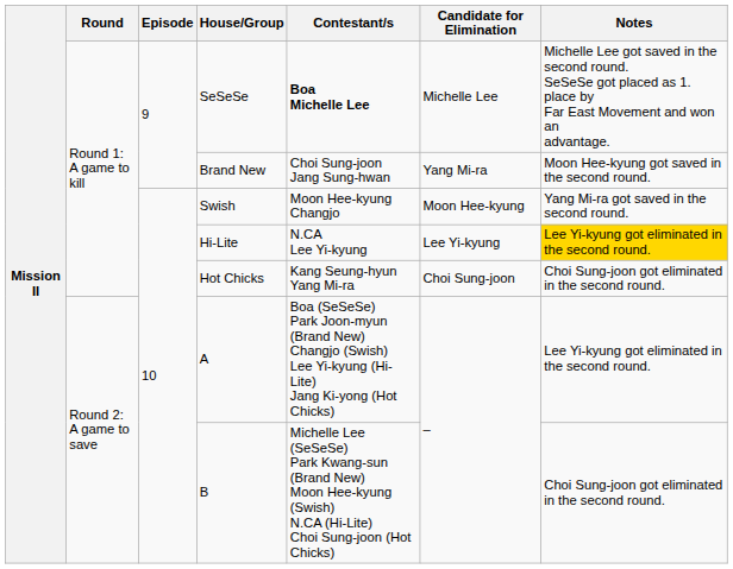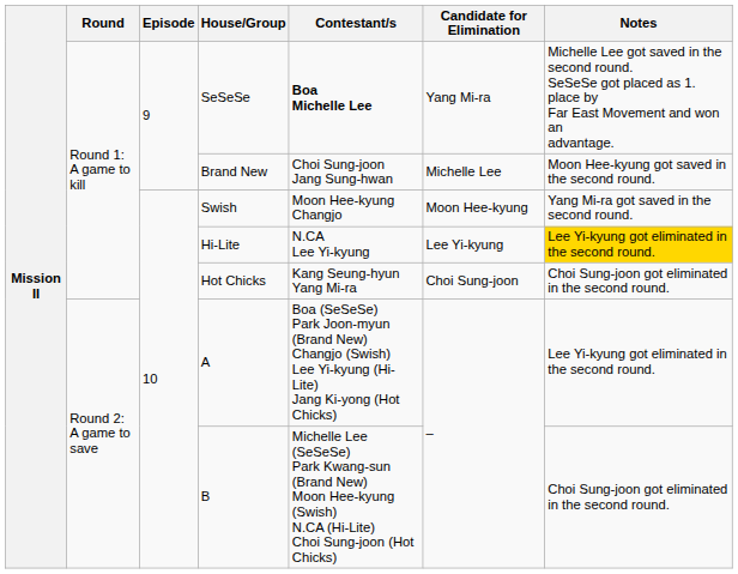 <table class="wikitable">
 <tr>
 <th rowspan="8">Mission II</th>
 <th>Round</th>
 <th>Episode</th>
 <th>House/Group</th>
 <th>Contestant/s</th>
 <th>Candidate for Elimination</th>
 <th>Notes</th>
 </tr>
 <tr>
 <td rowspan="5">Round 1:<br>A game to kill</td>
 <td rowspan="2">9</td>
 <td>SeSeSe</td>
 <td><strong>Boa<br>Michelle Lee</strong></td>
-<td>Michelle Lee</td>
+<td>Yang Mi-ra</td>
 <td>Michelle Lee got saved in the second round.<br>SeSeSe got placed as 1. place by<br>Far East Movement and won an<br>advantage.</td>
 </tr>
 <tr>
 <td>Brand New</td>
 <td>Choi Sung-joon<br>Jang Sung-hwan</td>
-<td>Yang Mi-ra</td>
+<td>Michelle Lee</td>
 <td>Moon Hee-kyung got saved in the second round.</td>
 </tr>
 <tr>
 <td rowspan="5">10</td>
 <td>Swish</td>
 <td>Moon Hee-kyung<br>Changjo</td>
 <td>Moon Hee-kyung</td>
 <td>Yang Mi-ra got saved in the second round.</td>
 </tr>
 <tr>
 <td>Hi-Lite</td>
 <td>N.CA<br>Lee Yi-kyung</td>
 <td>Lee Yi-kyung</td>
 <td style="background: gold;">Lee Yi-kyung got eliminated in the second round.</td>
 </tr>
 <tr>
 <td>Hot Chicks</td>
 <td>Kang Seung-hyun<br>Yang Mi-ra</td>
 <td>Choi Sung-joon</td>
 <td>Choi Sung-joon got eliminated in the second round.</td>
 </tr>
 <tr>
 <td rowspan="2">Round 2:<br>A game to save</td>
 <td>A</td>
 <td>Boa (SeSeSe)<br>Park Joon-myun (Brand New)<br>Changjo (Swish)<br>Lee Yi-kyung (Hi-Lite)<br>Jang Ki-yong (Hot Chicks)</td>
 <td rowspan="2">–</td>
 <td>Lee Yi-kyung got eliminated in the second round.</td>
 </tr>
 <tr>
 <td>B</td>
 <td>Michelle Lee (SeSeSe)<br>Park Kwang-sun (Brand New)<br>Moon Hee-kyung (Swish)<br>N.CA (Hi-Lite)<br>Choi Sung-joon (Hot Chicks)</td>
 <td>Choi Sung-joon got eliminated in the second round.</td>
 </tr>
 </table>
